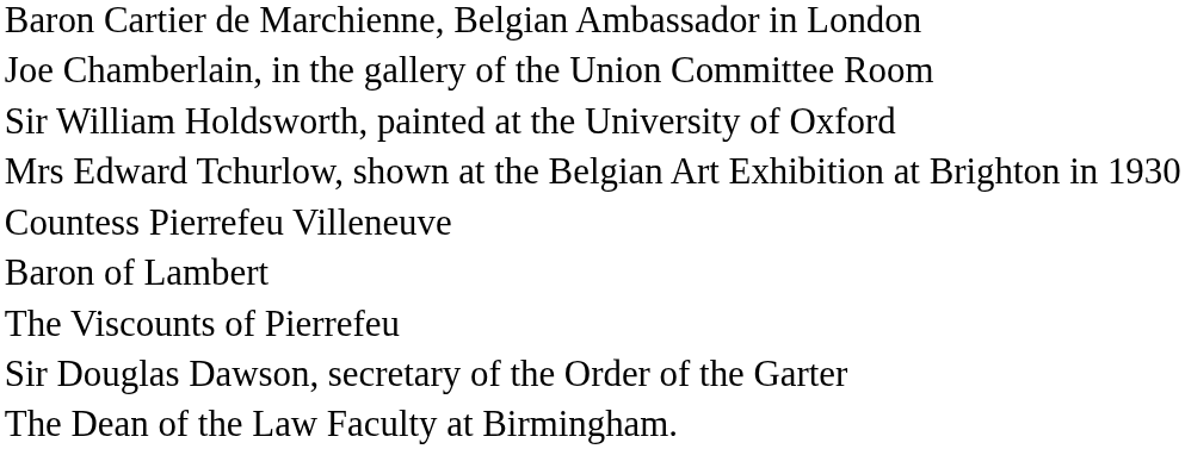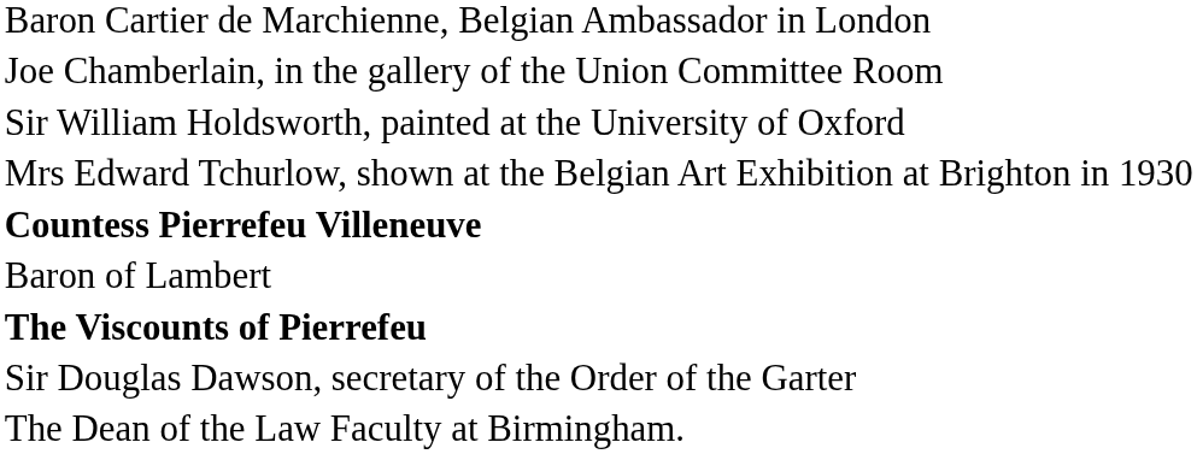 <table Portrait of General Sir Douglas Dawson, Full Length in Court Dress||60 x 43.8||Oil/Canvas>
 <tr>
 <td>Baron Cartier de Marchienne, Belgian Ambassador in London</td>
 </tr>
 <tr>
 <td>Joe Chamberlain, in the gallery of the Union Committee Room</td>
 </tr>
 <tr>
 <td>Sir William Holdsworth, painted at the University of Oxford</td>
 </tr>
 <tr>
 <td>Mrs Edward Tchurlow, shown at the Belgian Art Exhibition at Brighton in 1930</td>
 </tr>
 <tr>
-<td>Countess Pierrefeu Villeneuve</td>
+<td><strong>Countess Pierrefeu Villeneuve</strong></td>
 </tr>
 <tr>
 <td>Baron of Lambert</td>
 </tr>
 <tr>
-<td>The Viscounts of Pierrefeu</td>
+<td><strong>The Viscounts of Pierrefeu</strong></td>
 </tr>
 <tr>
 <td>Sir Douglas Dawson, secretary of the Order of the Garter</td>
 </tr>
 <tr>
 <td>The Dean of the Law Faculty at Birmingham.</td>
 </tr>
 </table>
